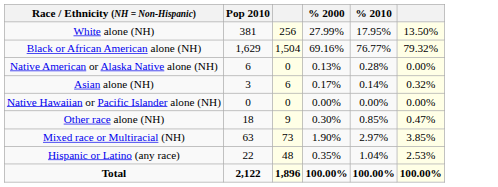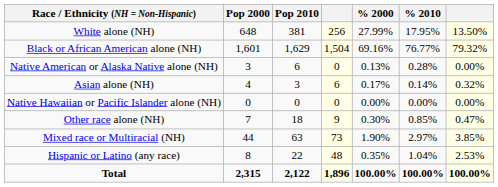 <table class="wikitable" style="text-align:center;">
 <tr>
 <th>Race / Ethnicity <small>(<em>NH = Non-Hispanic</em>)</small></th>
+<th>Pop 2000</th>
 <th>Pop 2010</th>
 <th></th>
 <th>% 2000</th>
 <th>% 2010</th>
 <th></th>
 </tr>
 <tr>
 <td><a href='#'>White</a> alone (NH)</td>
+<td>648</td>
 <td>381</td>
 <td style='background: #ffffe6;'>256</td>
 <td>27.99%</td>
 <td>17.95%</td>
 <td style='background: #ffffe6;'>13.50%</td>
 </tr>
 <tr>
 <td><a href='#'>Black or African American</a> alone (NH)</td>
+<td>1,601</td>
 <td>1,629</td>
 <td style='background: #ffffe6;'>1,504</td>
 <td>69.16%</td>
 <td>76.77%</td>
 <td style='background: #ffffe6;'>79.32%</td>
 </tr>
 <tr>
 <td><a href='#'>Native American</a> or <a href='#'>Alaska Native</a> alone (NH)</td>
+<td>3</td>
 <td>6</td>
 <td style='background: #ffffe6;'>0</td>
 <td>0.13%</td>
 <td>0.28%</td>
 <td style='background: #ffffe6;'>0.00%</td>
 </tr>
 <tr>
 <td><a href='#'>Asian</a> alone (NH)</td>
+<td>4</td>
 <td>3</td>
 <td style='background: #ffffe6;'>6</td>
 <td>0.17%</td>
 <td>0.14%</td>
 <td style='background: #ffffe6;'>0.32%</td>
 </tr>
 <tr>
 <td><a href='#'>Native Hawaiian</a> or <a href='#'>Pacific Islander</a> alone (NH)</td>
 <td>0</td>
+<td>0</td>
 <td style='background: #ffffe6;'>0</td>
 <td>0.00%</td>
 <td>0.00%</td>
 <td style='background: #ffffe6;'>0.00%</td>
 </tr>
 <tr>
 <td><a href='#'>Other race</a> alone (NH)</td>
+<td>7</td>
 <td>18</td>
 <td style='background: #ffffe6;'>9</td>
 <td>0.30%</td>
 <td>0.85%</td>
 <td style='background: #ffffe6;'>0.47%</td>
 </tr>
 <tr>
 <td><a href='#'>Mixed race or Multiracial</a> (NH)</td>
+<td>44</td>
 <td>63</td>
 <td style='background: #ffffe6;'>73</td>
 <td>1.90%</td>
 <td>2.97%</td>
 <td style='background: #ffffe6;'>3.85%</td>
 </tr>
 <tr>
 <td><a href='#'>Hispanic or Latino</a> (any race)</td>
+<td>8</td>
 <td>22</td>
 <td style='background: #ffffe6;'>48</td>
 <td>0.35%</td>
 <td>1.04%</td>
 <td style='background: #ffffe6;'>2.53%</td>
 </tr>
 <tr>
 <td><strong>Total</strong></td>
+<td><strong>2,315</strong></td>
 <td><strong>2,122</strong></td>
 <td style='background: #ffffe6;'><strong>1,896</strong></td>
 <td><strong>100.00%</strong></td>
 <td><strong>100.00%</strong></td>
 <td style='background: #ffffe6;'><strong>100.00%</strong></td>
 </tr>
 </table>
